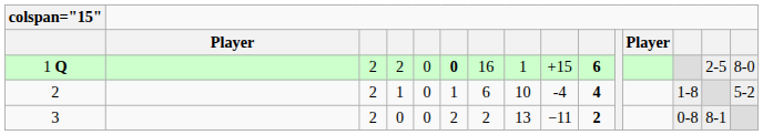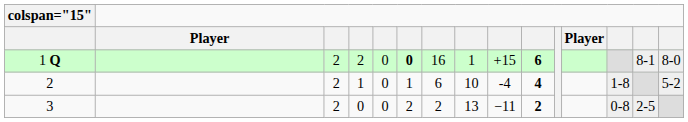 <table class=wikitable style=text-align:center>
 <tr>
 <th>colspan="15" </th>
 </tr>
 <tr>
 <th width=20 abbr=Position></th>
 <th width=250>Player</th>
 <th width=20 abbr=Played></th>
 <th width=20 abbr=Won></th>
 <th width=20 abbr=Drawn></th>
 <th width=20 abbr=Lost></th>
 <th width=30 abbr=Points for></th>
 <th width=30 abbr=Points against></th>
 <th width=30 abbr=Points difference></th>
 <th width=30 abbr=Points></th>
 <th rowspan="4" abbr=H2H></th>
 <th>Player</th>
 <th></th>
 <th></th>
 <th></th>
 </tr>
 <tr bgcolor=#CCFFCC>
 <td>1 <strong>Q</strong></td>
 <td align=left><strong></strong></td>
 <td>2</td>
 <td>2</td>
 <td>0</td>
 <td><strong>0</strong></td>
 <td>16</td>
 <td>1</td>
 <td>+15</td>
 <td><strong>6</strong></td>
 <td></td>
 <td bgcolor="#dddddd"> </td>
-<td bgcolor="#efefef">2-5</td>
+<td bgcolor="#efefef">8-1</td>
 <td bgcolor="#efefef">8-0</td>
 </tr>
 <tr>
 <td>2  </td>
 <td align=left><strong></strong></td>
 <td>2</td>
 <td>1</td>
 <td>0</td>
 <td>1</td>
 <td>6</td>
 <td>10</td>
 <td>-4</td>
 <td><strong>4</strong></td>
 <td></td>
 <td bgcolor="#efefef">1-8</td>
 <td bgcolor="#dddddd"> </td>
 <td bgcolor="#efefef">5-2</td>
 </tr>
 <tr>
 <td>3 </td>
 <td align=left></td>
 <td>2</td>
 <td>0</td>
 <td>0</td>
 <td>2</td>
 <td>2</td>
 <td>13</td>
 <td>−11</td>
 <td><strong>2</strong></td>
 <td></td>
 <td bgcolor="#efefef">0-8</td>
-<td bgcolor="#efefef">8-1</td>
+<td bgcolor="#efefef">2-5</td>
 <td bgcolor="#dddddd"> </td>
 </tr>
 </table>
